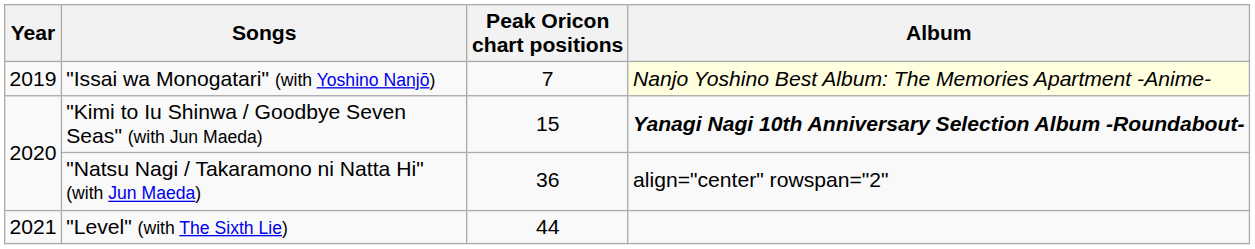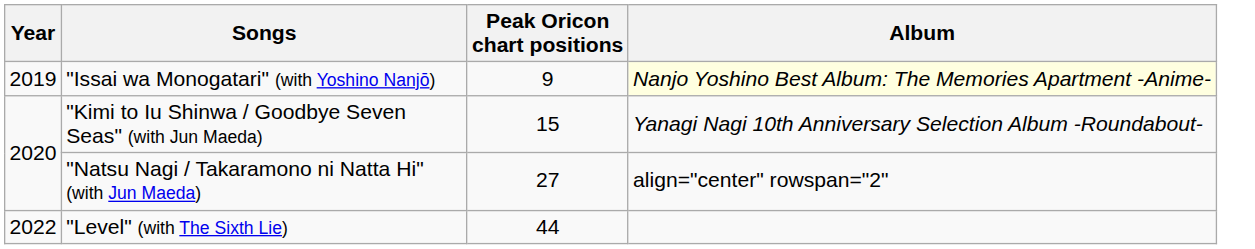 <table class="wikitable" border="1">
 <tr>
 <th rowspan="1">Year</th>
 <th rowspan="1" width="300">Songs</th>
 <th colspan="1">Peak Oricon<br> chart positions</th>
 <th rowspan="1">Album</th>
 </tr>
 <tr>
 <td>2019</td>
 <td align="left">"Issai wa Monogatari" <small>(with <a href='#'>Yoshino Nanjō</a>)</small></td>
-<td align="center">7</td>
+<td align="center">9</td>
 <td style="background: lightyellow;"><em>Nanjo Yoshino Best Album: The Memories Apartment -Anime-</em></td>
 </tr>
 <tr>
 <td rowspan="2">2020</td>
 <td align="left">"Kimi to Iu Shinwa / Goodbye Seven Seas" <small>(with Jun Maeda)</small></td>
 <td align="center">15</td>
-<td><strong><em>Yanagi Nagi 10th Anniversary Selection Album -Roundabout-</em></strong></td>
+<td><em>Yanagi Nagi 10th Anniversary Selection Album -Roundabout-</em></td>
 </tr>
 <tr>
 <td align="left">"Natsu Nagi / Takaramono ni Natta Hi" <small>(with <a href='#'>Jun Maeda</a>)</small></td>
-<td align="center">36</td>
+<td align="center">27</td>
 <td>align="center" rowspan="2" </td>
 </tr>
 <tr>
-<td>2021</td>
+<td>2022</td>
 <td align="left">"Level" <small>(with <a href='#'>The Sixth Lie</a>)</small></td>
 <td align="center">44</td>
 </tr>
 </table>
